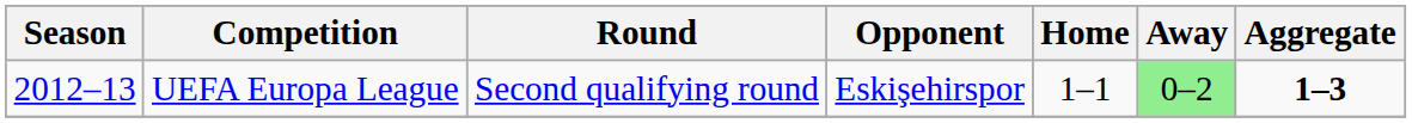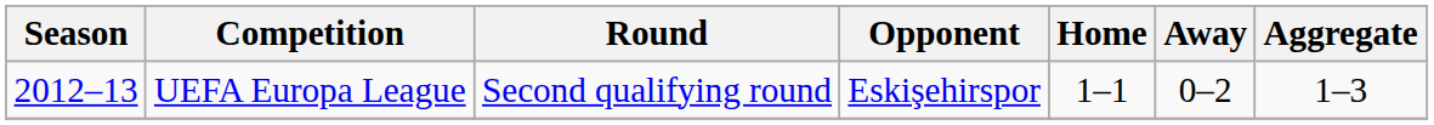 <table class="wikitable">
 <tr>
 <th>Season</th>
 <th>Competition</th>
 <th>Round</th>
 <th>Opponent</th>
 <th>Home</th>
 <th>Away</th>
 <th>Aggregate</th>
 </tr>
 <tr>
 <td><a href='#'>2012–13</a></td>
 <td><a href='#'>UEFA Europa League</a></td>
 <td><a href='#'>Second qualifying round</a></td>
 <td> <a href='#'>Eskişehirspor</a></td>
 <td align="center">1–1</td>
-<td align="center" style="background: lightgreen;">0–2</td>
-<td align="center"><strong>1–3</strong></td>
+<td align="center">0–2</td>
+<td align="center">1–3</td>
 </tr>
 <tr>
 </tr>
 </table>
